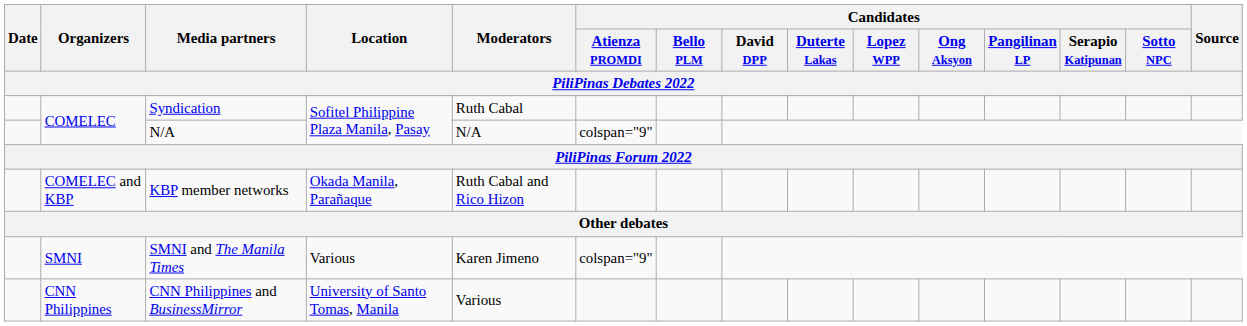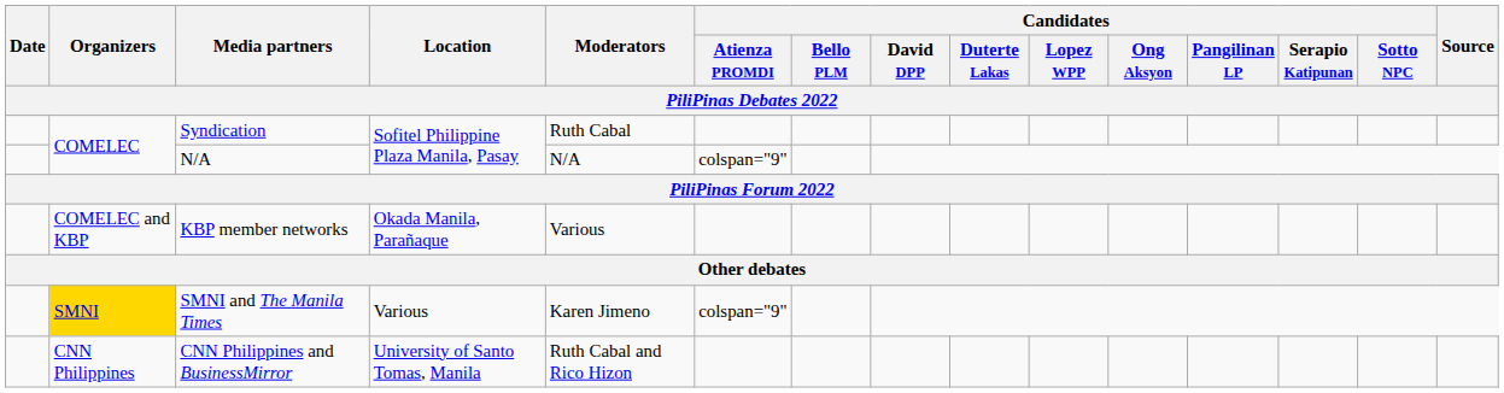 <table class="wikitable" style="margin-left: auto; margin-right: auto; border: none;font-size:95%;">
 <tr>
 <th rowspan="2">Date</th>
 <th rowspan="2">Organizers</th>
 <th rowspan="2">Media partners</th>
 <th rowspan="2">Location</th>
 <th rowspan="2">Moderators</th>
 <th colspan="9">Candidates</th>
 <th rowspan="2">Source</th>
 </tr>
 <tr>
 <th class="unsortable" style="width:60px;:"><a href='#'>Atienza</a><br><small><a href='#'>PROMDI</a></small></th>
 <th class="unsortable" style="width:60px;"><a href='#'>Bello</a><br><small><a href='#'>PLM</a></small></th>
 <th class="unsortable" style="width:60px;">David<br><small><a href='#'>DPP</a></small></th>
 <th class="unsortable" style="width:60px;"><a href='#'>Duterte</a><br><small><a href='#'>Lakas</a></small></th>
 <th class="unsortable" style="width:60px;"><a href='#'>Lopez</a><br><small><a href='#'>WPP</a></small></th>
 <th class="unsortable" style="width:60px;"><a href='#'>Ong</a><br><small><a href='#'>Aksyon</a></small></th>
 <th class="unsortable" style="width:60px;"><a href='#'>Pangilinan</a><br><small><a href='#'>LP</a></small></th>
 <th class="unsortable" style="width:60px;">Serapio<br><small><a href='#'>Katipunan</a></small></th>
 <th class="unsortable" style="width:60px;"><a href='#'>Sotto</a><br><small><a href='#'>NPC</a></small></th>
 </tr>
 <tr>
 <th colspan="15"><em><a href='#'>PiliPinas Debates 2022</a></em></th>
 </tr>
 <tr>
 <td></td>
 <td rowspan="2"><a href='#'>COMELEC</a></td>
 <td><a href='#'>Syndication</a></td>
 <td rowspan="2"><a href='#'>Sofitel Philippine Plaza Manila</a>, <a href='#'>Pasay</a></td>
 <td>Ruth Cabal</td>
 <td></td>
 <td></td>
 <td></td>
 <td></td>
 <td></td>
 <td></td>
 <td></td>
 <td></td>
 <td></td>
 <td style="text-align:center;"></td>
 </tr>
 <tr>
 <td></td>
 <td>N/A</td>
 <td>N/A</td>
 <td>colspan="9" </td>
 <td style="text-align:center;"></td>
 </tr>
 <tr>
 <th colspan="15"><em><a href='#'>PiliPinas Forum 2022</a></em></th>
 </tr>
 <tr>
 <td></td>
 <td><a href='#'>COMELEC</a> and <a href='#'>KBP</a></td>
 <td><a href='#'>KBP</a> member networks</td>
 <td><a href='#'>Okada Manila</a>, <a href='#'>Parañaque</a></td>
-<td>Ruth Cabal and <a href='#'>Rico Hizon</a></td>
+<td>Various</td>
 <td></td>
 <td></td>
 <td></td>
 <td></td>
 <td></td>
 <td></td>
 <td></td>
 <td></td>
 <td></td>
 <td style="text-align:center;"></td>
 </tr>
 <tr>
 <th colspan="15">Other debates</th>
 </tr>
 <tr>
 <td></td>
-<td><a href='#'>SMNI</a></td>
+<td style="background: gold;"><a href='#'>SMNI</a></td>
 <td><a href='#'>SMNI</a> and <em><a href='#'>The Manila Times</a></em></td>
 <td>Various</td>
 <td>Karen Jimeno</td>
 <td>colspan="9" </td>
 <td style="text-align:center;"></td>
 </tr>
 <tr>
 <td></td>
 <td><a href='#'>CNN Philippines</a></td>
 <td><a href='#'>CNN Philippines</a> and <em><a href='#'>BusinessMirror</a></em></td>
 <td><a href='#'>University of Santo Tomas</a>, <a href='#'>Manila</a></td>
-<td>Various</td>
+<td>Ruth Cabal and <a href='#'>Rico Hizon</a></td>
 <td></td>
 <td></td>
 <td></td>
 <td></td>
 <td></td>
 <td></td>
 <td></td>
 <td></td>
 <td></td>
 <td style="text-align:center;"></td>
 </tr>
 <tr>
 </tr>
 </table>
